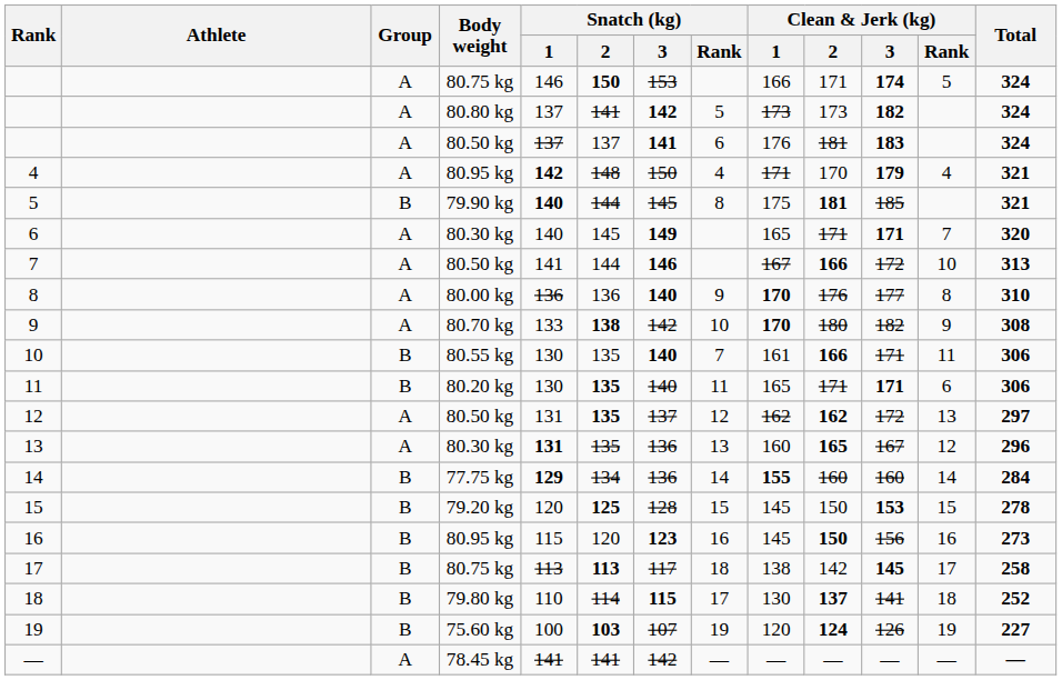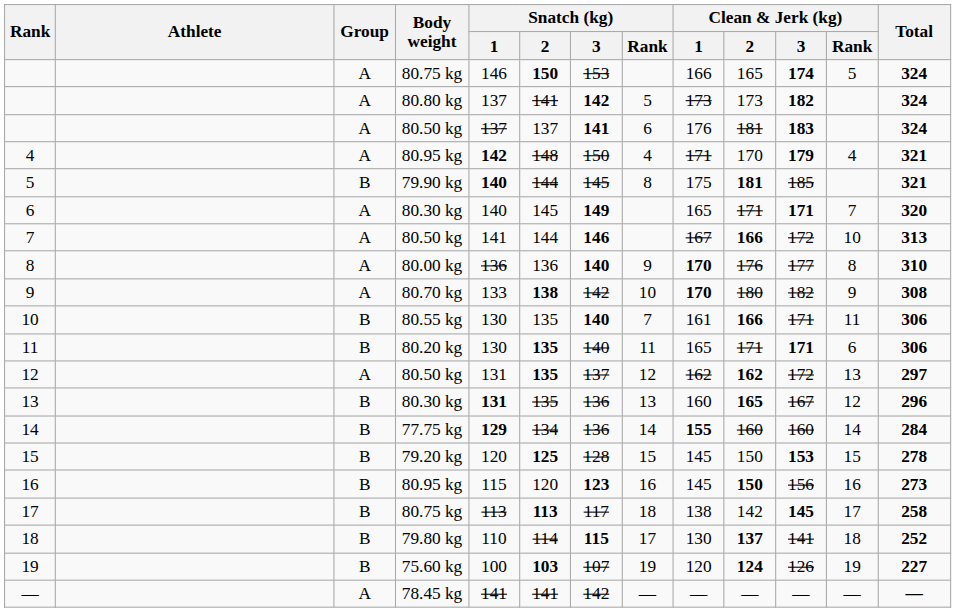 <table class = "wikitable" style="text-align:center;">
 <tr>
 <th rowspan=2 width=40>Rank</th>
 <th rowspan=2 width=250>Athlete</th>
 <th rowspan=2 width=50>Group</th>
 <th rowspan=2 width=60>Body weight</th>
 <th colspan=4>Snatch (kg)</th>
 <th colspan=4>Clean & Jerk (kg)</th>
 <th rowspan=2 width=60>Total</th>
 </tr>
 <tr>
 <th width=40>1</th>
 <th width=40>2</th>
 <th width=40>3</th>
 <th width=40>Rank</th>
 <th width=40>1</th>
 <th width=40>2</th>
 <th width=40>3</th>
 <th width=40>Rank</th>
 </tr>
 <tr>
 <td></td>
 <td align=left></td>
 <td>A</td>
 <td>80.75 kg</td>
 <td>146</td>
 <td><strong>150</strong></td>
 <td><s>153</s></td>
 <td></td>
 <td>166</td>
-<td>171</td>
+<td>165</td>
 <td><strong>174</strong></td>
 <td>5</td>
 <td><strong>324</strong></td>
 </tr>
 <tr>
 <td></td>
 <td align=left></td>
 <td>A</td>
 <td>80.80 kg</td>
 <td>137</td>
 <td><s>141</s></td>
 <td><strong>142</strong></td>
 <td>5</td>
 <td><s>173</s></td>
 <td>173</td>
 <td><strong>182</strong></td>
 <td></td>
 <td><strong>324</strong></td>
 </tr>
 <tr>
 <td></td>
 <td align=left></td>
 <td>A</td>
 <td>80.50 kg</td>
 <td><s>137</s></td>
 <td>137</td>
 <td><strong>141</strong></td>
 <td>6</td>
 <td>176</td>
 <td><s>181</s></td>
 <td><strong>183</strong></td>
 <td></td>
 <td><strong>324</strong></td>
 </tr>
 <tr>
 <td>4</td>
 <td align=left></td>
 <td>A</td>
 <td>80.95 kg</td>
 <td><strong>142</strong></td>
 <td><s>148</s></td>
 <td><s>150</s></td>
 <td>4</td>
 <td><s>171</s></td>
 <td>170</td>
 <td><strong>179</strong></td>
 <td>4</td>
 <td><strong>321</strong></td>
 </tr>
 <tr>
 <td>5</td>
 <td align=left></td>
 <td>B</td>
 <td>79.90 kg</td>
 <td><strong>140</strong></td>
 <td><s>144</s></td>
 <td><s>145</s></td>
 <td>8</td>
 <td>175</td>
 <td><strong>181</strong></td>
 <td><s>185</s></td>
 <td></td>
 <td><strong>321</strong></td>
 </tr>
 <tr>
 <td>6</td>
 <td align=left></td>
 <td>A</td>
 <td>80.30 kg</td>
 <td>140</td>
 <td>145</td>
 <td><strong>149</strong></td>
 <td></td>
 <td>165</td>
 <td><s>171</s></td>
 <td><strong>171</strong></td>
 <td>7</td>
 <td><strong>320</strong></td>
 </tr>
 <tr>
 <td>7</td>
 <td align=left></td>
 <td>A</td>
 <td>80.50 kg</td>
 <td>141</td>
 <td>144</td>
 <td><strong>146</strong></td>
 <td></td>
 <td><s>167</s></td>
 <td><strong>166</strong></td>
 <td><s>172</s></td>
 <td>10</td>
 <td><strong>313</strong></td>
 </tr>
 <tr>
 <td>8</td>
 <td align=left></td>
 <td>A</td>
 <td>80.00 kg</td>
 <td><s>136</s></td>
 <td>136</td>
 <td><strong>140</strong></td>
 <td>9</td>
 <td><strong>170</strong></td>
 <td><s>176</s></td>
 <td><s>177</s></td>
 <td>8</td>
 <td><strong>310</strong></td>
 </tr>
 <tr>
 <td>9</td>
 <td align=left></td>
 <td>A</td>
 <td>80.70 kg</td>
 <td>133</td>
 <td><strong>138</strong></td>
 <td><s>142</s></td>
 <td>10</td>
 <td><strong>170</strong></td>
 <td><s>180</s></td>
 <td><s>182</s></td>
 <td>9</td>
 <td><strong>308</strong></td>
 </tr>
 <tr>
 <td>10</td>
 <td align=left></td>
 <td>B</td>
 <td>80.55 kg</td>
 <td>130</td>
 <td>135</td>
 <td><strong>140</strong></td>
 <td>7</td>
 <td>161</td>
 <td><strong>166</strong></td>
 <td><s>171</s></td>
 <td>11</td>
 <td><strong>306</strong></td>
 </tr>
 <tr>
 <td>11</td>
 <td align=left></td>
 <td>B</td>
 <td>80.20 kg</td>
 <td>130</td>
 <td><strong>135</strong></td>
 <td><s>140</s></td>
 <td>11</td>
 <td>165</td>
 <td><s>171</s></td>
 <td><strong>171</strong></td>
 <td>6</td>
 <td><strong>306</strong></td>
 </tr>
 <tr>
 <td>12</td>
 <td align=left></td>
 <td>A</td>
 <td>80.50 kg</td>
 <td>131</td>
 <td><strong>135</strong></td>
 <td><s>137</s></td>
 <td>12</td>
 <td><s>162</s></td>
 <td><strong>162</strong></td>
 <td><s>172</s></td>
 <td>13</td>
 <td><strong>297</strong></td>
 </tr>
 <tr>
 <td>13</td>
 <td align=left></td>
-<td>A</td>
+<td>B</td>
 <td>80.30 kg</td>
 <td><strong>131</strong></td>
 <td><s>135</s></td>
 <td><s>136</s></td>
 <td>13</td>
 <td>160</td>
 <td><strong>165</strong></td>
 <td><s>167</s></td>
 <td>12</td>
 <td><strong>296</strong></td>
 </tr>
 <tr>
 <td>14</td>
 <td align=left></td>
 <td>B</td>
 <td>77.75 kg</td>
 <td><strong>129</strong></td>
 <td><s>134</s></td>
 <td><s>136</s></td>
 <td>14</td>
 <td><strong>155</strong></td>
 <td><s>160</s></td>
 <td><s>160</s></td>
 <td>14</td>
 <td><strong>284</strong></td>
 </tr>
 <tr>
 <td>15</td>
 <td align=left></td>
 <td>B</td>
 <td>79.20 kg</td>
 <td>120</td>
 <td><strong>125</strong></td>
 <td><s>128</s></td>
 <td>15</td>
 <td>145</td>
 <td>150</td>
 <td><strong>153</strong></td>
 <td>15</td>
 <td><strong>278</strong></td>
 </tr>
 <tr>
 <td>16</td>
 <td align=left></td>
 <td>B</td>
 <td>80.95 kg</td>
 <td>115</td>
 <td>120</td>
 <td><strong>123</strong></td>
 <td>16</td>
 <td>145</td>
 <td><strong>150</strong></td>
 <td><s>156</s></td>
 <td>16</td>
 <td><strong>273</strong></td>
 </tr>
 <tr>
 <td>17</td>
 <td align=left></td>
 <td>B</td>
 <td>80.75 kg</td>
 <td><s>113</s></td>
 <td><strong>113</strong></td>
 <td><s>117</s></td>
 <td>18</td>
 <td>138</td>
 <td>142</td>
 <td><strong>145</strong></td>
 <td>17</td>
 <td><strong>258</strong></td>
 </tr>
 <tr>
 <td>18</td>
 <td align=left></td>
 <td>B</td>
 <td>79.80 kg</td>
 <td>110</td>
 <td><s>114</s></td>
 <td><strong>115</strong></td>
 <td>17</td>
 <td>130</td>
 <td><strong>137</strong></td>
 <td><s>141</s></td>
 <td>18</td>
 <td><strong>252</strong></td>
 </tr>
 <tr>
 <td>19</td>
 <td align=left></td>
 <td>B</td>
 <td>75.60 kg</td>
 <td>100</td>
 <td><strong>103</strong></td>
 <td><s>107</s></td>
 <td>19</td>
 <td>120</td>
 <td><strong>124</strong></td>
 <td><s>126</s></td>
 <td>19</td>
 <td><strong>227</strong></td>
 </tr>
 <tr>
 <td>—</td>
 <td align=left></td>
 <td>A</td>
 <td>78.45 kg</td>
 <td><s>141</s></td>
 <td><s>141</s></td>
 <td><s>142</s></td>
 <td>—</td>
 <td>—</td>
 <td>—</td>
 <td>—</td>
 <td>—</td>
 <td><strong>—</strong></td>
 </tr>
 </table>
